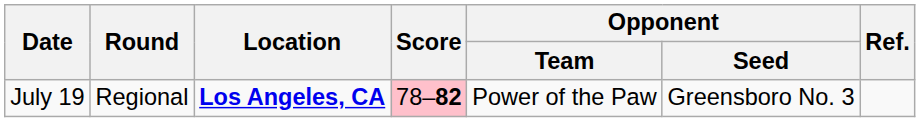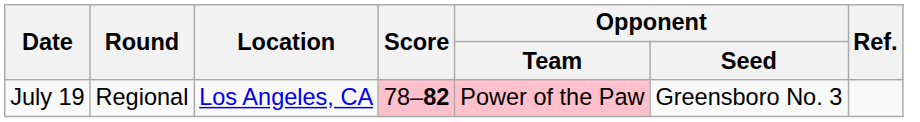 <table class="wikitable">
 <tr>
 <th rowspan=2>Date</th>
 <th rowspan=2>Round</th>
 <th rowspan=2>Location</th>
 <th rowspan=2>Score</th>
 <th colspan=2>Opponent</th>
 <th rowspan=2>Ref.</th>
 </tr>
 <tr>
 <th>Team</th>
 <th>Seed</th>
 </tr>
 <tr>
 <td>July 19</td>
 <td>Regional</td>
-<td><strong><a href='#'>Los Angeles, CA</a></strong></td>
+<td><a href='#'>Los Angeles, CA</a></td>
 <td bgcolor=pink>78–<strong>82</strong></td>
-<td>Power of the Paw</td>
+<td style="background: pink;">Power of the Paw</td>
 <td>Greensboro No. 3</td>
 <td></td>
 </tr>
 </table>
